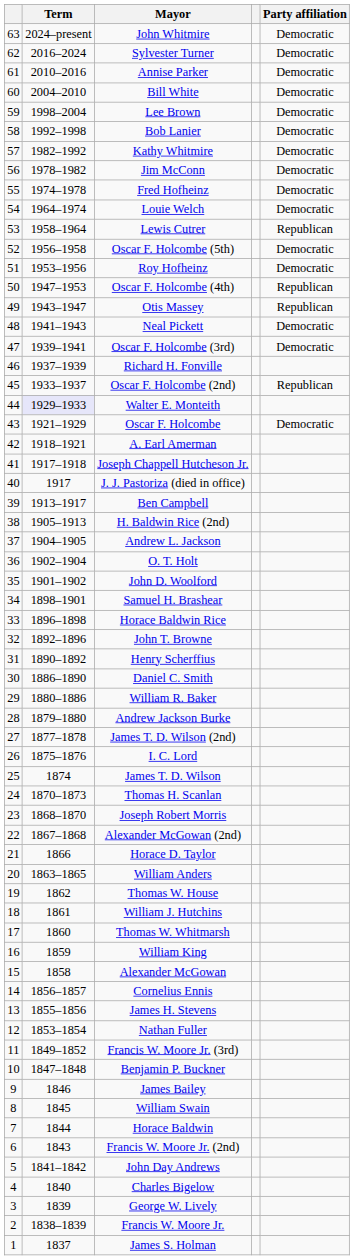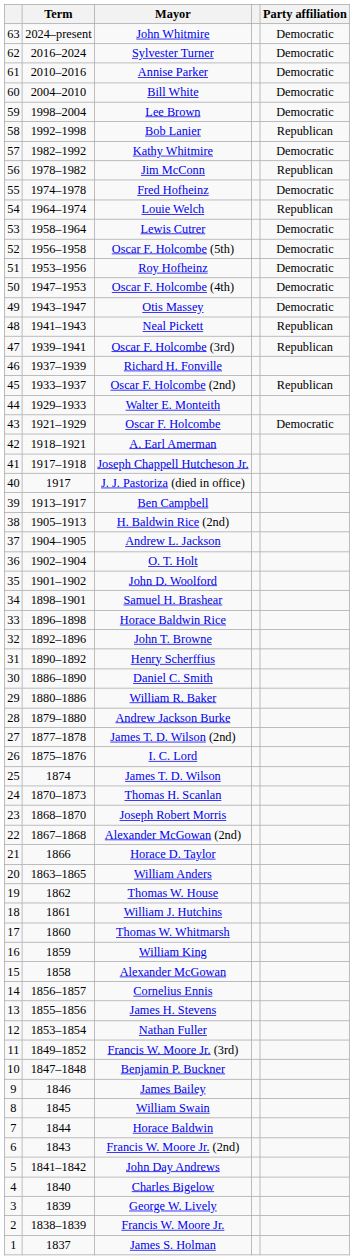 <table class="wikitable sortable"" style="text-align:center;">
 <tr>
 <th></th>
 <th>Term</th>
 <th>Mayor</th>
 <th></th>
 <th>Party affiliation</th>
 </tr>
 <tr>
 <td>63</td>
 <td>2024–present</td>
 <td><a href='#'>John Whitmire</a></td>
 <td style="background:"> </td>
 <td>Democratic</td>
 </tr>
 <tr>
 <td>62</td>
 <td>2016–2024</td>
 <td><a href='#'>Sylvester Turner</a></td>
 <td style="background:"> </td>
 <td>Democratic</td>
 </tr>
 <tr>
 <td>61</td>
 <td>2010–2016</td>
 <td><a href='#'>Annise Parker</a></td>
 <td style="background:"> </td>
 <td>Democratic</td>
 </tr>
 <tr>
 <td>60</td>
 <td>2004–2010</td>
 <td><a href='#'>Bill White</a></td>
 <td style="background:"> </td>
 <td>Democratic</td>
 </tr>
 <tr>
 <td>59</td>
 <td>1998–2004</td>
 <td><a href='#'>Lee Brown</a></td>
 <td style="background:"> </td>
 <td>Democratic</td>
 </tr>
 <tr>
 <td>58</td>
 <td>1992–1998</td>
 <td><a href='#'>Bob Lanier</a></td>
 <td style="background:"> </td>
-<td>Democratic</td>
+<td>Republican</td>
 </tr>
 <tr>
 <td>57</td>
 <td>1982–1992</td>
 <td><a href='#'>Kathy Whitmire</a></td>
 <td style="background:"> </td>
 <td>Democratic</td>
 </tr>
 <tr>
 <td>56</td>
 <td>1978–1982</td>
 <td><a href='#'>Jim McConn</a></td>
 <td style="background:"> </td>
-<td>Democratic</td>
+<td>Republican</td>
 </tr>
 <tr>
 <td>55</td>
 <td>1974–1978</td>
 <td><a href='#'>Fred Hofheinz</a></td>
 <td style="background:"> </td>
 <td>Democratic</td>
 </tr>
 <tr>
 <td>54</td>
 <td>1964–1974</td>
 <td><a href='#'>Louie Welch</a></td>
 <td style="background:"> </td>
-<td>Democratic</td>
+<td>Republican</td>
 </tr>
 <tr>
 <td>53</td>
 <td>1958–1964</td>
 <td><a href='#'>Lewis Cutrer</a></td>
 <td style="background:"> </td>
-<td>Republican</td>
+<td>Democratic</td>
 </tr>
 <tr>
 <td>52</td>
 <td>1956–1958</td>
 <td><a href='#'>Oscar F. Holcombe</a> (5th)</td>
 <td style="background:"> </td>
 <td>Democratic</td>
 </tr>
 <tr>
 <td>51</td>
 <td>1953–1956</td>
 <td><a href='#'>Roy Hofheinz</a></td>
 <td style="background:"> </td>
 <td>Democratic</td>
 </tr>
 <tr>
 <td>50</td>
 <td>1947–1953</td>
 <td><a href='#'>Oscar F. Holcombe</a> (4th)</td>
 <td style="background:"> </td>
-<td>Republican</td>
+<td>Democratic</td>
 </tr>
 <tr>
 <td>49</td>
 <td>1943–1947</td>
 <td><a href='#'>Otis Massey</a></td>
 <td style="background:"> </td>
-<td>Republican</td>
+<td>Democratic</td>
 </tr>
 <tr>
 <td>48</td>
 <td>1941–1943</td>
 <td><a href='#'>Neal Pickett</a></td>
 <td style="background:"> </td>
-<td>Democratic</td>
+<td>Republican</td>
 </tr>
 <tr>
 <td>47</td>
 <td>1939–1941</td>
 <td><a href='#'>Oscar F. Holcombe</a> (3rd)</td>
 <td style="background:"> </td>
-<td>Democratic</td>
+<td>Republican</td>
 </tr>
 <tr>
 <td>46</td>
 <td>1937–1939</td>
 <td><a href='#'>Richard H. Fonville</a></td>
 <td></td>
 <td></td>
 </tr>
 <tr>
 <td>45</td>
 <td>1933–1937</td>
 <td><a href='#'>Oscar F. Holcombe</a> (2nd)</td>
 <td style="background:"> </td>
 <td>Republican</td>
 </tr>
 <tr>
 <td>44</td>
-<td style="background: lavender;">1929–1933</td>
+<td>1929–1933</td>
 <td><a href='#'>Walter E. Monteith</a></td>
 <td></td>
 <td></td>
 </tr>
 <tr>
 <td>43</td>
 <td>1921–1929</td>
 <td><a href='#'>Oscar F. Holcombe</a></td>
 <td style="background:"> </td>
 <td>Democratic</td>
 </tr>
 <tr>
 <td>42</td>
 <td>1918–1921</td>
 <td><a href='#'>A. Earl Amerman</a></td>
 <td></td>
 <td></td>
 </tr>
 <tr>
 <td>41</td>
 <td>1917–1918</td>
 <td><a href='#'>Joseph Chappell Hutcheson Jr.</a></td>
 <td></td>
 <td></td>
 </tr>
 <tr>
 <td>40</td>
 <td>1917</td>
 <td><a href='#'>J. J. Pastoriza</a> (died in office)</td>
 <td></td>
 <td></td>
 </tr>
 <tr>
 <td>39</td>
 <td>1913–1917</td>
 <td><a href='#'>Ben Campbell</a></td>
 <td></td>
 <td></td>
 </tr>
 <tr>
 <td>38</td>
 <td>1905–1913</td>
 <td><a href='#'>H. Baldwin Rice</a> (2nd)</td>
 <td></td>
 <td></td>
 </tr>
 <tr>
 <td>37</td>
 <td>1904–1905</td>
 <td><a href='#'>Andrew L. Jackson</a></td>
 <td></td>
 <td></td>
 </tr>
 <tr>
 <td>36</td>
 <td>1902–1904</td>
 <td><a href='#'>O. T. Holt</a></td>
 <td></td>
 <td></td>
 </tr>
 <tr>
 <td>35</td>
 <td>1901–1902</td>
 <td><a href='#'>John D. Woolford</a></td>
 <td></td>
 <td></td>
 </tr>
 <tr>
 <td>34</td>
 <td>1898–1901</td>
 <td><a href='#'>Samuel H. Brashear</a></td>
 <td></td>
 <td></td>
 </tr>
 <tr>
 <td>33</td>
 <td>1896–1898</td>
 <td><a href='#'>Horace Baldwin Rice</a></td>
 <td></td>
 <td></td>
 </tr>
 <tr>
 <td>32</td>
 <td>1892–1896</td>
 <td><a href='#'>John T. Browne</a></td>
 <td></td>
 <td></td>
 </tr>
 <tr>
 <td>31</td>
 <td>1890–1892</td>
 <td><a href='#'>Henry Scherffius</a></td>
 <td></td>
 <td></td>
 </tr>
 <tr>
 <td>30</td>
 <td>1886–1890</td>
 <td><a href='#'>Daniel C. Smith</a></td>
 <td></td>
 <td></td>
 </tr>
 <tr>
 <td>29</td>
 <td>1880–1886</td>
 <td><a href='#'>William R. Baker</a></td>
 <td></td>
 <td></td>
 </tr>
 <tr>
 <td>28</td>
 <td>1879–1880</td>
 <td><a href='#'>Andrew Jackson Burke</a></td>
 <td></td>
 <td></td>
 </tr>
 <tr>
 <td>27</td>
 <td>1877–1878</td>
 <td><a href='#'>James T. D. Wilson</a> (2nd)</td>
 <td></td>
 <td></td>
 </tr>
 <tr>
 <td>26</td>
 <td>1875–1876</td>
 <td><a href='#'>I. C. Lord</a></td>
 <td></td>
 <td></td>
 </tr>
 <tr>
 <td>25</td>
 <td>1874</td>
 <td><a href='#'>James T. D. Wilson</a></td>
 <td></td>
 <td></td>
 </tr>
 <tr>
 <td>24</td>
 <td>1870–1873</td>
 <td><a href='#'>Thomas H. Scanlan</a></td>
 <td></td>
 <td></td>
 </tr>
 <tr>
 <td>23</td>
 <td>1868–1870</td>
 <td><a href='#'>Joseph Robert Morris</a></td>
 <td></td>
 <td></td>
 </tr>
 <tr>
 <td>22</td>
 <td>1867–1868</td>
 <td><a href='#'>Alexander McGowan</a> (2nd)</td>
 <td></td>
 <td></td>
 </tr>
 <tr>
 <td>21</td>
 <td>1866</td>
 <td><a href='#'>Horace D. Taylor</a></td>
 <td></td>
 <td></td>
 </tr>
 <tr>
 <td>20</td>
 <td>1863–1865</td>
 <td><a href='#'>William Anders</a></td>
 <td></td>
 <td></td>
 </tr>
 <tr>
 <td>19</td>
 <td>1862</td>
 <td><a href='#'>Thomas W. House</a></td>
 <td></td>
 <td></td>
 </tr>
 <tr>
 <td>18</td>
 <td>1861</td>
 <td><a href='#'>William J. Hutchins</a></td>
 <td></td>
 <td></td>
 </tr>
 <tr>
 <td>17</td>
 <td>1860</td>
 <td><a href='#'>Thomas W. Whitmarsh</a></td>
 <td></td>
 <td></td>
 </tr>
 <tr>
 <td>16</td>
 <td>1859</td>
 <td><a href='#'>William King</a></td>
 <td></td>
 <td></td>
 </tr>
 <tr>
 <td>15</td>
 <td>1858</td>
 <td><a href='#'>Alexander McGowan</a></td>
 <td></td>
 <td></td>
 </tr>
 <tr>
 <td>14</td>
 <td>1856–1857</td>
 <td><a href='#'>Cornelius Ennis</a></td>
 <td></td>
 <td></td>
 </tr>
 <tr>
 <td>13</td>
 <td>1855–1856</td>
 <td><a href='#'>James H. Stevens</a></td>
 <td></td>
 <td></td>
 </tr>
 <tr>
 <td>12</td>
 <td>1853–1854</td>
 <td><a href='#'>Nathan Fuller</a></td>
 <td></td>
 <td></td>
 </tr>
 <tr>
 <td>11</td>
 <td>1849–1852</td>
 <td><a href='#'>Francis W. Moore Jr.</a> (3rd)</td>
 <td></td>
 <td></td>
 </tr>
 <tr>
 <td>10</td>
 <td>1847–1848</td>
 <td><a href='#'>Benjamin P. Buckner</a></td>
 <td></td>
 <td></td>
 </tr>
 <tr>
 <td>9</td>
 <td>1846</td>
 <td><a href='#'>James Bailey</a></td>
 <td></td>
 <td></td>
 </tr>
 <tr>
 <td>8</td>
 <td>1845</td>
 <td><a href='#'>William Swain</a></td>
 <td></td>
 <td></td>
 </tr>
 <tr>
 <td>7</td>
 <td>1844</td>
 <td><a href='#'>Horace Baldwin</a></td>
 <td></td>
 <td></td>
 </tr>
 <tr>
 <td>6</td>
 <td>1843</td>
 <td><a href='#'>Francis W. Moore Jr.</a> (2nd)</td>
 <td></td>
 <td></td>
 </tr>
 <tr>
 <td>5</td>
 <td>1841–1842</td>
 <td><a href='#'>John Day Andrews</a></td>
 <td></td>
 <td></td>
 </tr>
 <tr>
 <td>4</td>
 <td>1840</td>
 <td><a href='#'>Charles Bigelow</a></td>
 <td></td>
 <td></td>
 </tr>
 <tr>
 <td>3</td>
 <td>1839</td>
 <td><a href='#'>George W. Lively</a></td>
 <td></td>
 <td></td>
 </tr>
 <tr>
 <td>2</td>
 <td>1838–1839</td>
 <td><a href='#'>Francis W. Moore Jr.</a></td>
 <td></td>
 <td></td>
 </tr>
 <tr>
 <td>1</td>
 <td>1837</td>
 <td><a href='#'>James S. Holman</a></td>
 <td></td>
 <td></td>
 </tr>
 </table>
